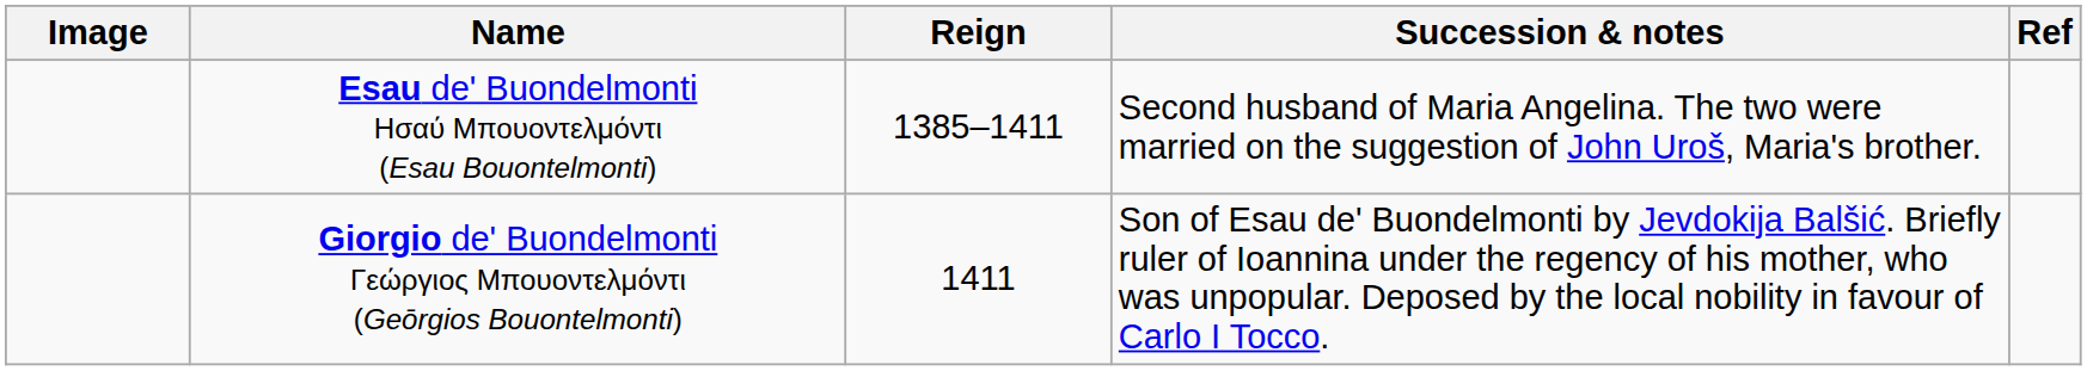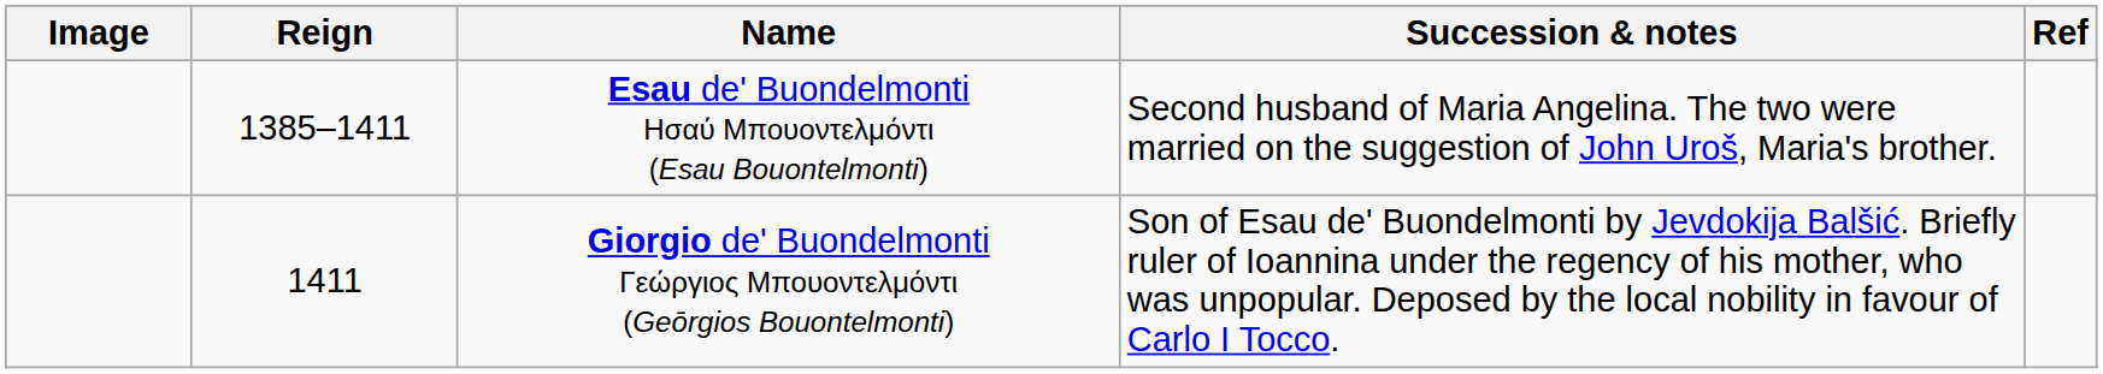 <table class="wikitable" style="width:960px">
 <tr>
 <th width="80px">Image</th>
+<th width="120px">Reign</th>
 <th width="310px">Name</th>
-<th width="120px">Reign</th>
 <th width="430px">Succession & notes</th>
 <th width="20px">Ref</th>
 </tr>
 <tr>
 <td></td>
+<td align="center">1385–1411</td>
 <td align="center"><a href='#'><strong>Esau</strong> de' Buondelmonti</a><br><small>Ησαύ Μπουοντελμόντι</small><br><small>(<em>Esau Bouontelmonti</em>)</small></td>
-<td align="center">1385–1411</td>
 <td>Second husband of Maria Angelina. The two were married on the suggestion of <a href='#'>John Uroš</a>, Maria's brother.</td>
 <td><br></td>
 </tr>
 <tr>
 <td></td>
+<td align="center">1411</td>
 <td align="center"><a href='#'><strong>Giorgio</strong> de' Buondelmonti</a><br><small>Γεώργιος Μπουοντελμόντι</small><br><small>(<em>Geōrgios Bouontelmonti</em>)</small></td>
-<td align="center">1411</td>
 <td>Son of Esau de' Buondelmonti by <a href='#'>Jevdokija Balšić</a>. Briefly ruler of Ioannina under the regency of his mother, who was unpopular. Deposed by the local nobility in favour of <a href='#'>Carlo I Tocco</a>.</td>
 <td></td>
 </tr>
 </table>
